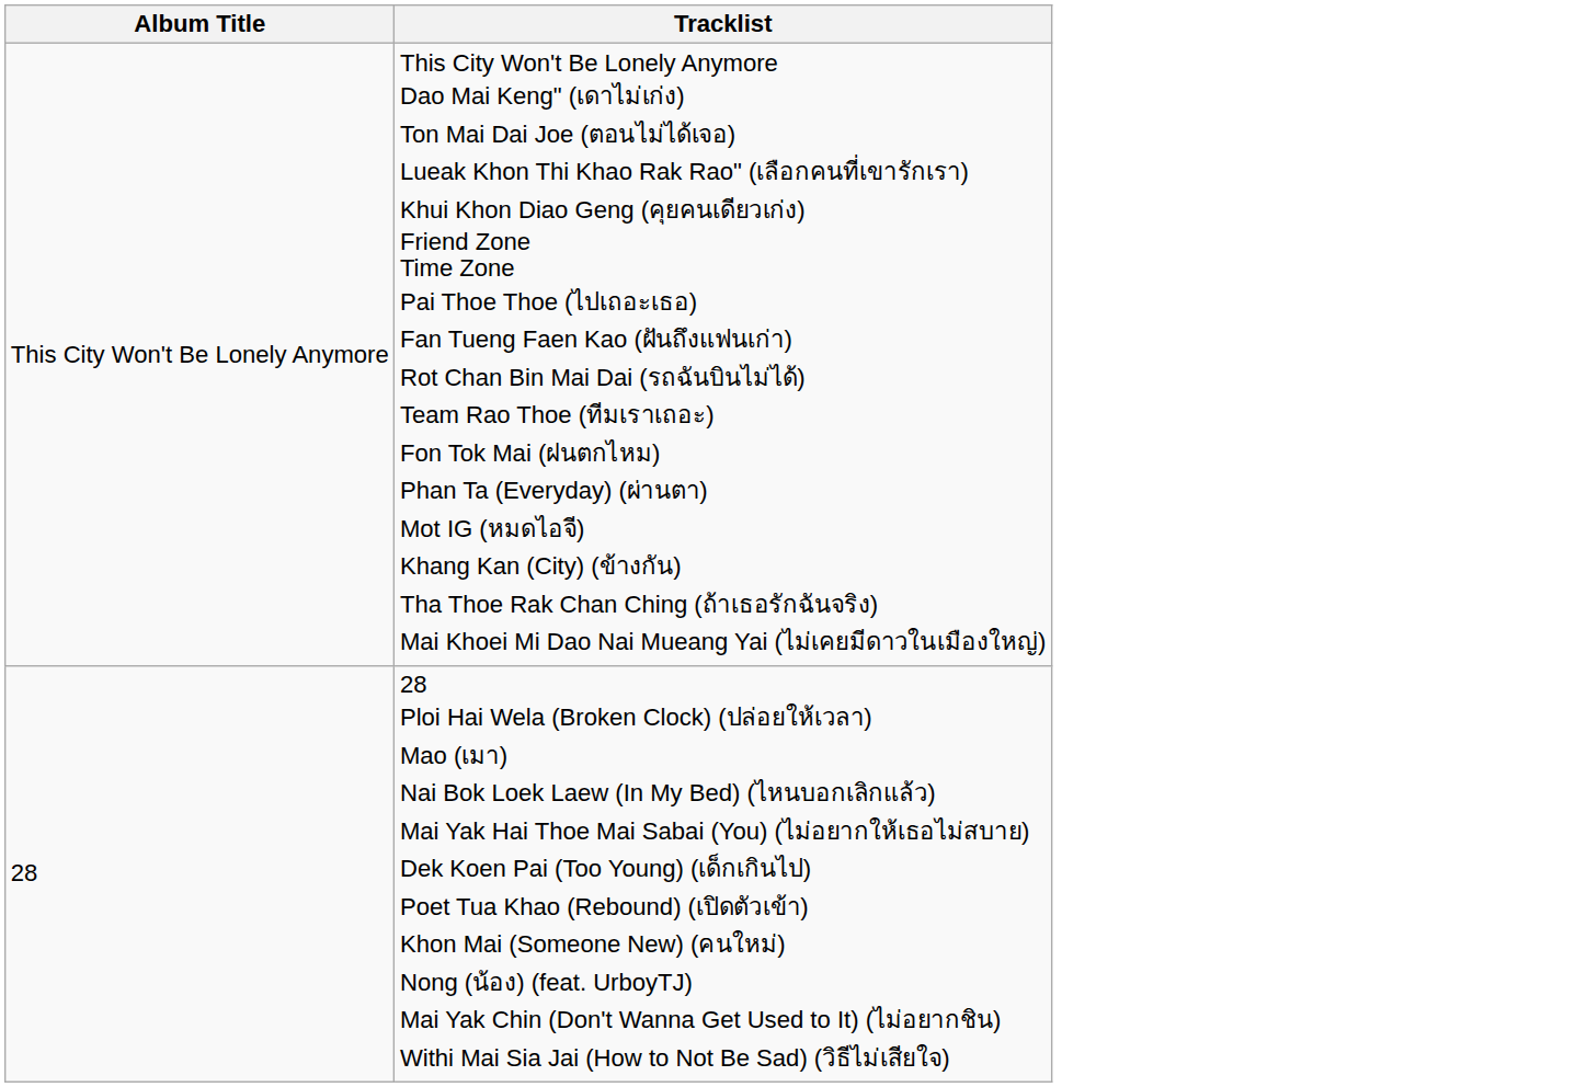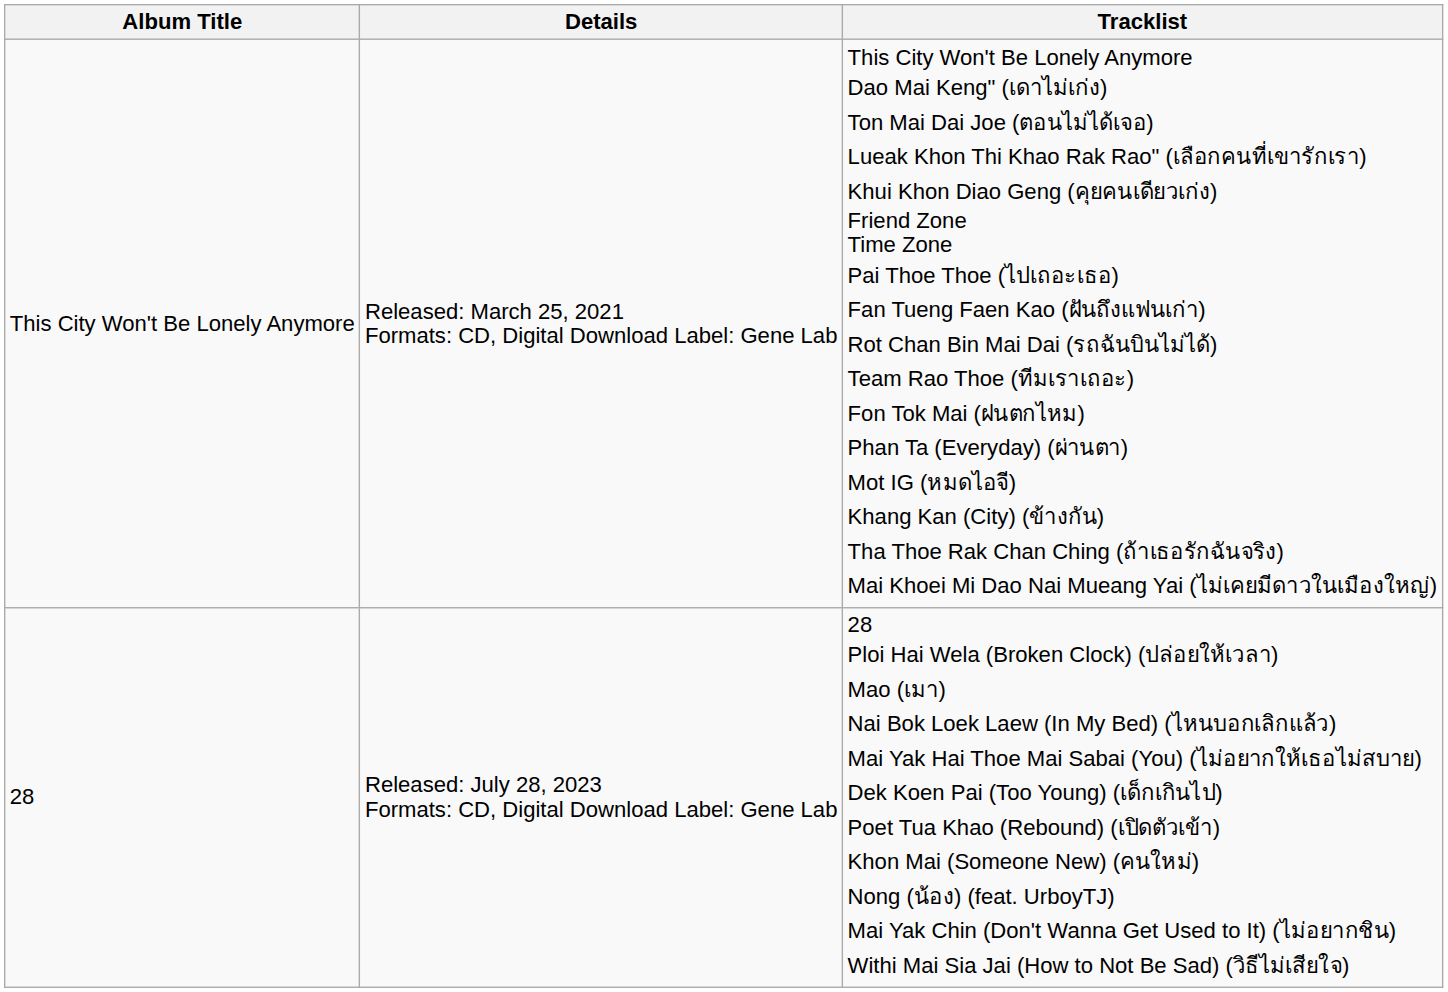 <table class="wikitable">
 <tr>
 <th>Album Title</th>
+<th>Details</th>
 <th>Tracklist</th>
 </tr>
 <tr>
 <td>This City Won't Be Lonely Anymore</td>
+<td>Released: March 25, 2021<br>Formats: CD, Digital Download Label: Gene Lab</td>
 <td>This City Won't Be Lonely Anymore<br>Dao Mai Keng" (เดาไม่เก่ง)<br>Ton Mai Dai Joe (ตอนไม่ได้เจอ)<br>Lueak Khon Thi Khao Rak Rao" (เลือกคนที่เขารักเรา)<br>Khui Khon Diao Geng (คุยคนเดียวเก่ง)<br>Friend Zone<br>Time Zone<br>Pai Thoe Thoe (ไปเถอะเธอ)<br>Fan Tueng Faen Kao (ฝันถึงแฟนเก่า)<br>Rot Chan Bin Mai Dai (รถฉันบินไม่ได้)<br>Team Rao Thoe (ทีมเราเถอะ)<br>Fon Tok Mai (ฝนตกไหม)<br>Phan Ta (Everyday) (ผ่านตา)<br>Mot IG (หมดไอจี)<br>Khang Kan (City) (ข้างกัน)<br>Tha Thoe Rak Chan Ching (ถ้าเธอรักฉันจริง)<br>Mai Khoei Mi Dao Nai Mueang Yai (ไม่เคยมีดาวในเมืองใหญ่)</td>
 </tr>
 <tr>
 <td>28</td>
+<td>Released: July 28, 2023<br>Formats: CD, Digital Download Label: Gene Lab</td>
 <td>28<br>Ploi Hai Wela (Broken Clock) (ปล่อยให้เวลา)<br>Mao (เมา)<br>Nai Bok Loek Laew (In My Bed) (ไหนบอกเลิกแล้ว)<br>Mai Yak Hai Thoe Mai Sabai (You) (ไม่อยากให้เธอไม่สบาย)<br>Dek Koen Pai (Too Young) (เด็กเกินไป)<br>Poet Tua Khao (Rebound) (เปิดตัวเข้า)<br>Khon Mai (Someone New) (คนใหม่)<br>Nong (น้อง) (feat. UrboyTJ)<br>Mai Yak Chin (Don't Wanna Get Used to It) (ไม่อยากชิน)<br>Withi Mai Sia Jai (How to Not Be Sad) (วิธีไม่เสียใจ)</td>
 </tr>
 </table>
